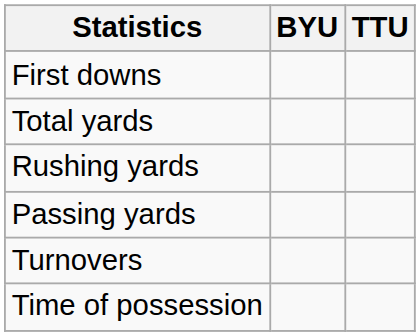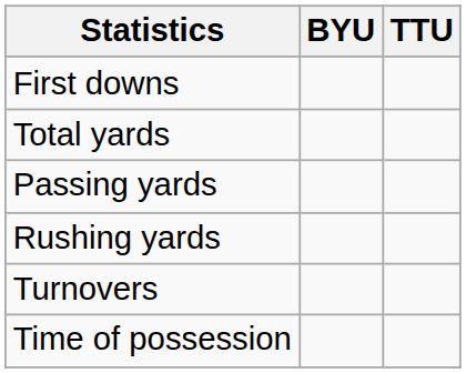 <table class="wikitable" style="float:left">
 <tr>
 <th>Statistics</th>
 <th>BYU</th>
 <th>TTU</th>
 </tr>
 <tr>
 <td>First downs</td>
 <td></td>
 <td></td>
 </tr>
 <tr>
 <td>Total yards</td>
 <td></td>
 <td></td>
 </tr>
 <tr>
-<td>Rushing yards</td>
+<td>Passing yards</td>
 <td></td>
 <td></td>
 </tr>
 <tr>
-<td>Passing yards</td>
+<td>Rushing yards</td>
 <td></td>
 <td></td>
 </tr>
 <tr>
 <td>Turnovers</td>
 <td></td>
 <td></td>
 </tr>
 <tr>
 <td>Time of possession</td>
 <td></td>
 <td></td>
 </tr>
 </table>
